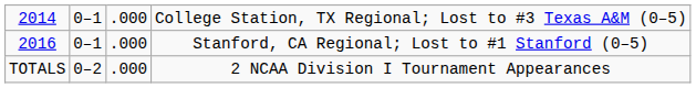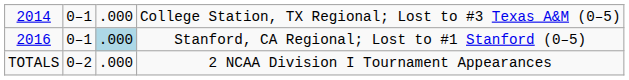 <table class="wikitable sortable" style="text-align:center">
 <tr>
 <td><a href='#'>2014</a></td>
 <td>0–1</td>
 <td>.000</td>
 <td>College Station, TX Regional; Lost to #3 <a href='#'>Texas A&M</a> (0–5)</td>
 </tr>
 <tr>
 <td><a href='#'>2016</a></td>
 <td>0–1</td>
-<td>.000</td>
+<td style="background: lightblue;">.000</td>
 <td>Stanford, CA Regional; Lost to #1 <a href='#'>Stanford</a> (0–5)</td>
 </tr>
 <tr class="sortbottom">
 <td>TOTALS</td>
 <td>0–2</td>
 <td>.000</td>
 <td>2 NCAA Division I Tournament Appearances</td>
 </tr>
 </table>
